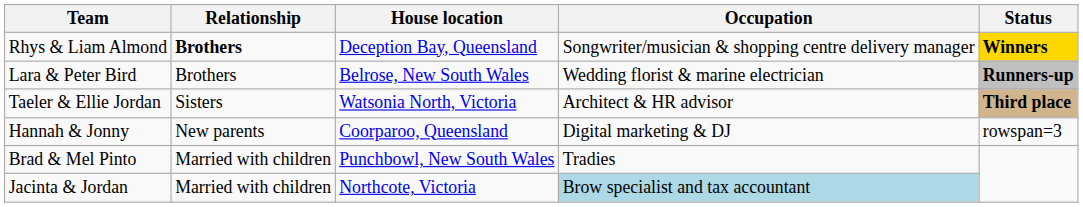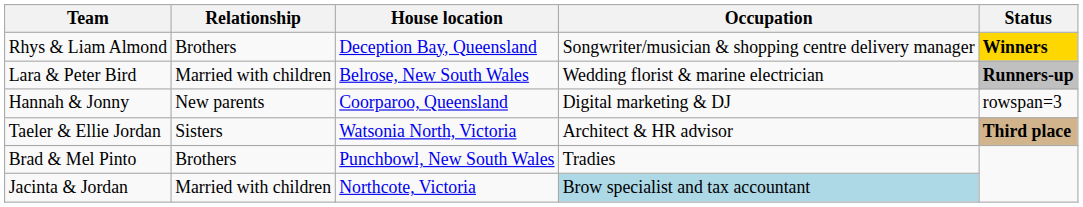 <table class="wikitable">
 <tr>
 <th>Team</th>
 <th>Relationship</th>
 <th>House location</th>
 <th>Occupation</th>
 <th>Status</th>
 </tr>
 <tr>
 <td>Rhys & Liam Almond</td>
-<td><strong>Brothers</strong></td>
+<td>Brothers</td>
 <td><a href='#'>Deception Bay, Queensland</a></td>
 <td>Songwriter/musician & shopping centre delivery manager</td>
 <td style="background:gold"><strong> Winners </strong></td>
 </tr>
 <tr>
 <td>Lara & Peter Bird</td>
-<td>Brothers</td>
+<td>Married with children</td>
 <td><a href='#'>Belrose, New South Wales</a></td>
 <td>Wedding florist & marine electrician</td>
 <td style="background:silver"><strong> Runners-up </strong></td>
+</tr>
+<tr>
+<td>Hannah & Jonny</td>
+<td>New parents</td>
+<td><a href='#'>Coorparoo, Queensland</a></td>
+<td>Digital marketing & DJ</td>
+<td>rowspan=3 </td>
 </tr>
 <tr>
 <td>Taeler & Ellie Jordan</td>
 <td>Sisters</td>
 <td><a href='#'>Watsonia North, Victoria</a></td>
 <td>Architect & HR advisor</td>
 <td style="background:tan"><strong> Third place </strong></td>
 </tr>
 <tr>
-<td>Hannah & Jonny</td>
-<td>New parents</td>
-<td><a href='#'>Coorparoo, Queensland</a></td>
-<td>Digital marketing & DJ</td>
-<td>rowspan=3 </td>
-</tr>
-<tr>
 <td>Brad & Mel Pinto</td>
-<td>Married with children</td>
+<td>Brothers</td>
 <td><a href='#'>Punchbowl, New South Wales</a></td>
 <td>Tradies</td>
 </tr>
 <tr>
 <td>Jacinta & Jordan</td>
 <td>Married with children</td>
 <td><a href='#'>Northcote, Victoria</a></td>
 <td style="background: lightblue;">Brow specialist and tax accountant</td>
 </tr>
 </table>
